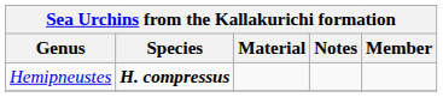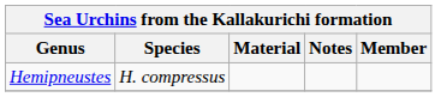 <table class="wikitable" align="center">
 <tr>
 <th colspan="5" align="center"><strong><a href='#'>Sea Urchins</a> from the  Kallakurichi formation</strong></th>
 </tr>
 <tr>
 <th>Genus</th>
 <th>Species</th>
 <th>Material</th>
 <th>Notes</th>
 <th>Member</th>
 </tr>
 <tr>
 <td><em><a href='#'>Hemipneustes</a></em></td>
-<td><strong><em>H. compressus</em></strong></td>
+<td><em>H. compressus</em></td>
 <td></td>
 <td></td>
 <td></td>
 </tr>
 <tr>
 </tr>
 </table>
